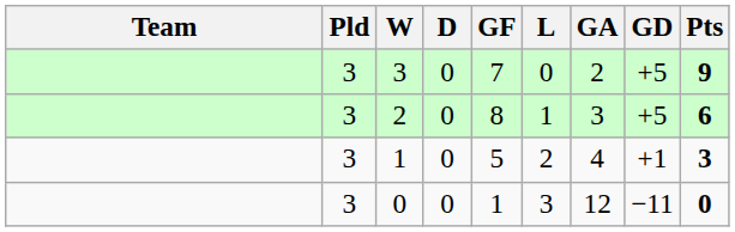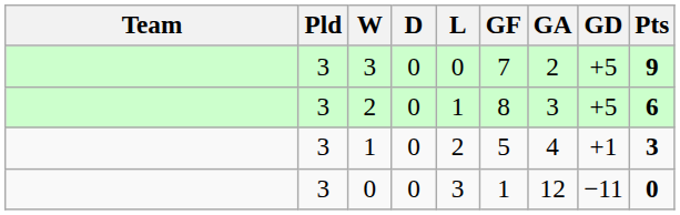 <table class="wikitable" style="text-align:center;">
 <tr>
 <th width=175>Team</th>
 <th width=20 abbr="Played">Pld</th>
 <th width=20 abbr="Won">W</th>
 <th width=20 abbr="Drawn">D</th>
+<th width=20 abbr="Lost">L</th>
 <th width=20 abbr="Goals for">GF</th>
-<th width=20 abbr="Lost">L</th>
 <th width=20 abbr="Goals against">GA</th>
 <th width=20 abbr="Goal difference">GD</th>
 <th width=20 abbr="Points">Pts</th>
 </tr>
 <tr bgcolor="#ccffcc">
 <td align="left"></td>
 <td>3</td>
 <td>3</td>
 <td>0</td>
+<td>0</td>
 <td>7</td>
-<td>0</td>
 <td>2</td>
 <td>+5</td>
 <td><strong>9</strong></td>
 </tr>
 <tr bgcolor="#ccffcc">
 <td align="left"></td>
 <td>3</td>
 <td>2</td>
 <td>0</td>
+<td>1</td>
 <td>8</td>
-<td>1</td>
 <td>3</td>
 <td>+5</td>
 <td><strong>6</strong></td>
 </tr>
 <tr bgcolor=>
 <td align="left"></td>
 <td>3</td>
 <td>1</td>
 <td>0</td>
+<td>2</td>
 <td>5</td>
-<td>2</td>
 <td>4</td>
 <td>+1</td>
 <td><strong>3</strong></td>
 </tr>
 <tr bgcolor=>
 <td align="left"></td>
 <td>3</td>
 <td>0</td>
 <td>0</td>
+<td>3</td>
 <td>1</td>
-<td>3</td>
 <td>12</td>
 <td>−11</td>
 <td><strong>0</strong></td>
 </tr>
 </table>
